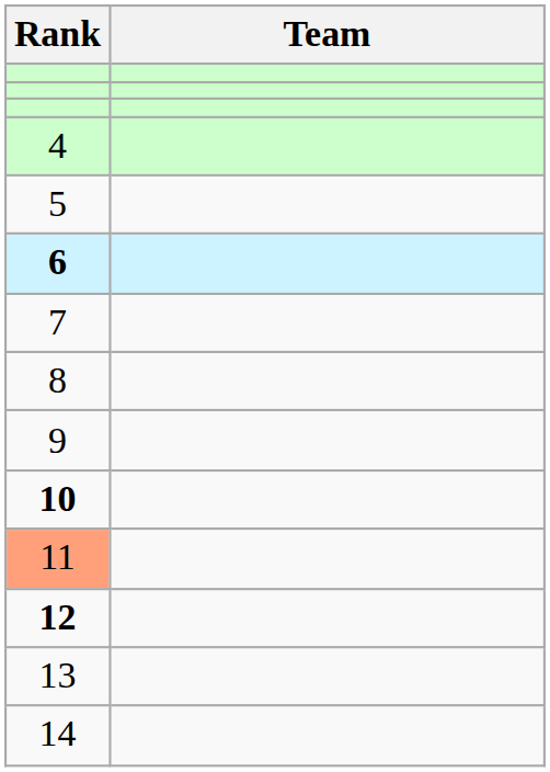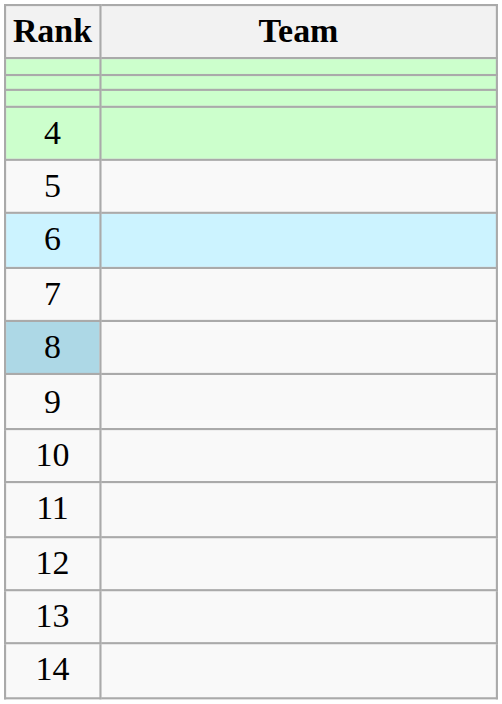 <table class=wikitable style="text-align:center;">
 <tr>
 <th>Rank</th>
 <th width=180>Team</th>
 </tr>
 <tr bgcolor=ccffcc>
 <td></td>
 <td align=left></td>
 </tr>
 <tr bgcolor=ccffcc>
 <td></td>
 <td align=left></td>
 </tr>
 <tr bgcolor=ccffcc>
 <td></td>
 <td align=left></td>
 </tr>
 <tr bgcolor=ccffcc>
 <td>4</td>
 <td align=left></td>
 </tr>
 <tr>
 <td>5</td>
 <td align=left></td>
 </tr>
 <tr bgcolor=ccf3ff>
-<td><strong>6</strong></td>
+<td>6</td>
 <td align=left></td>
 </tr>
 <tr>
 <td>7</td>
 <td align=left></td>
 </tr>
 <tr>
-<td>8</td>
+<td style="background: lightblue;">8</td>
 <td align=left></td>
 </tr>
 <tr>
 <td>9</td>
 <td align=left></td>
 </tr>
 <tr>
-<td><strong>10</strong></td>
+<td>10</td>
 <td align=left></td>
 </tr>
 <tr>
-<td style="background: lightsalmon;">11</td>
+<td>11</td>
 <td align=left></td>
 </tr>
 <tr>
-<td><strong>12</strong></td>
+<td>12</td>
 <td align=left></td>
 </tr>
 <tr>
 <td>13</td>
 <td align=left></td>
 </tr>
 <tr>
 <td>14</td>
 <td align=left></td>
 </tr>
 </table>
